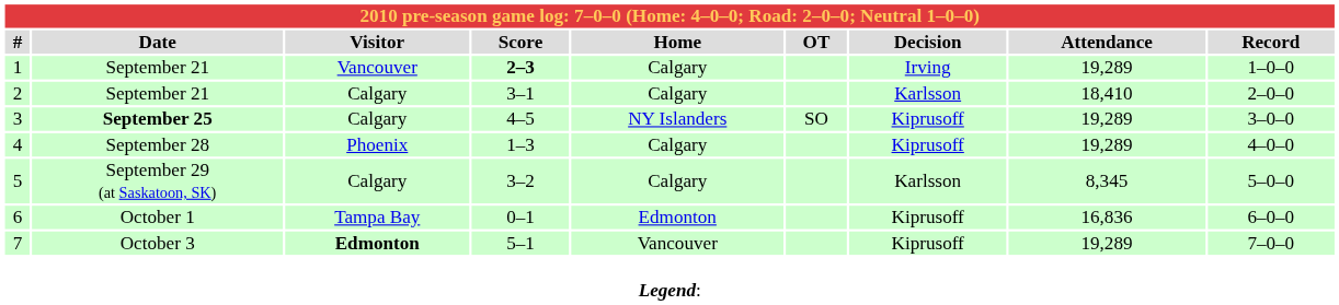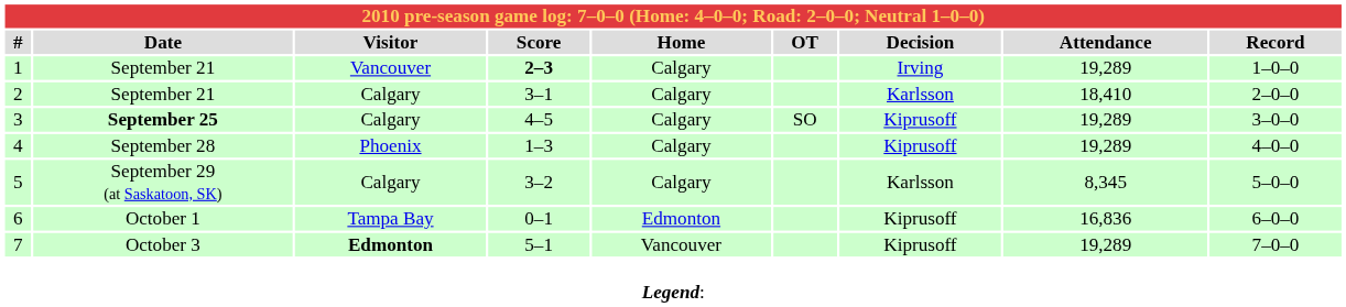 <table class="toccolours collapsible collapsed"  style="width:90%; clear:both; margin:1.5em auto; text-align:center;">
 <tr>
 <th colspan=11 style="background: #E13A3E; color:#FFC859;">2010 pre-season game log: 7–0–0 (Home: 4–0–0; Road: 2–0–0; Neutral 1–0–0)</th>
 </tr>
 <tr style="text-align:center; background:#ddd;">
 <td><strong>#</strong></td>
 <td><strong>Date</strong></td>
 <td><strong>Visitor</strong></td>
 <td><strong>Score</strong></td>
 <td><strong>Home</strong></td>
 <td><strong>OT</strong></td>
 <td><strong>Decision</strong></td>
 <td><strong>Attendance</strong></td>
 <td><strong>Record</strong></td>
 </tr>
 <tr style="background:#cfc;">
 <td>1</td>
 <td>September 21</td>
 <td><a href='#'>Vancouver</a></td>
 <td><strong>2–3</strong></td>
 <td>Calgary</td>
 <td></td>
 <td><a href='#'>Irving</a></td>
 <td>19,289</td>
 <td>1–0–0</td>
 </tr>
 <tr style="background:#cfc;">
 <td>2</td>
 <td>September 21</td>
 <td>Calgary</td>
 <td>3–1</td>
 <td>Calgary</td>
 <td></td>
 <td><a href='#'>Karlsson</a></td>
 <td>18,410</td>
 <td>2–0–0</td>
 </tr>
 <tr style="background:#cfc;">
 <td>3</td>
 <td><strong>September 25</strong></td>
 <td>Calgary</td>
 <td>4–5</td>
-<td><a href='#'>NY Islanders</a></td>
+<td>Calgary</td>
 <td>SO</td>
 <td><a href='#'>Kiprusoff</a></td>
 <td>19,289</td>
 <td>3–0–0</td>
 </tr>
 <tr style="background:#cfc;">
 <td>4</td>
 <td>September 28</td>
 <td><a href='#'>Phoenix</a></td>
 <td>1–3</td>
 <td>Calgary</td>
 <td></td>
 <td><a href='#'>Kiprusoff</a></td>
 <td>19,289</td>
 <td>4–0–0</td>
 </tr>
 <tr style="background:#cfc;">
 <td>5</td>
 <td>September 29<br><small>(at <a href='#'>Saskatoon, SK</a>)</small></td>
 <td>Calgary</td>
 <td>3–2</td>
 <td>Calgary</td>
 <td></td>
 <td>Karlsson</td>
 <td>8,345</td>
 <td>5–0–0</td>
 </tr>
 <tr style="background:#cfc;">
 <td>6</td>
 <td>October 1</td>
 <td><a href='#'>Tampa Bay</a></td>
 <td>0–1</td>
 <td><a href='#'>Edmonton</a></td>
 <td></td>
 <td>Kiprusoff</td>
 <td>16,836</td>
 <td>6–0–0</td>
 </tr>
 <tr style="background:#cfc;">
 <td>7</td>
 <td>October 3</td>
 <td><strong>Edmonton</strong></td>
 <td>5–1</td>
 <td>Vancouver</td>
 <td></td>
 <td>Kiprusoff</td>
 <td>19,289</td>
 <td>7–0–0</td>
 </tr>
 <tr>
 <td colspan="11" style="text-align:center;"><br><strong><em>Legend</em></strong>:   </td>
 </tr>
 </table>
